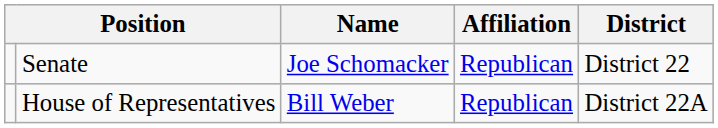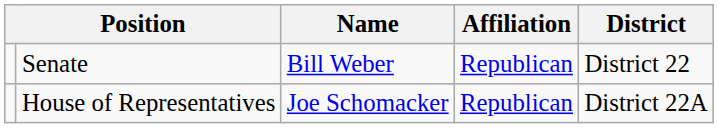 <table class="wikitable">
 <tr>
 <th colspan="2">Position</th>
 <th>Name</th>
 <th>Affiliation</th>
 <th>District</th>
 </tr>
 <tr>
 <td style="background-color:"></td>
 <td>Senate</td>
-<td><a href='#'>Joe Schomacker</a></td>
+<td><a href='#'>Bill Weber</a></td>
 <td><a href='#'>Republican</a></td>
 <td>District 22</td>
 </tr>
 <tr>
 <td style="background-color:"></td>
 <td>House of Representatives</td>
-<td><a href='#'>Bill Weber</a></td>
+<td><a href='#'>Joe Schomacker</a></td>
 <td><a href='#'>Republican</a></td>
 <td>District 22A</td>
 </tr>
 </table>
